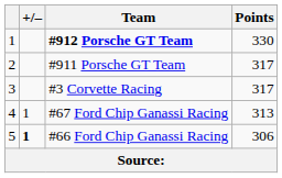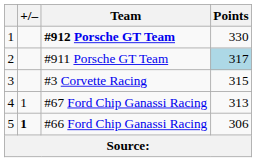 <table class="wikitable" style="font-size: 95%;">
 <tr>
 <th scope="col"></th>
 <th scope="col">+/–</th>
 <th scope="col">Team</th>
 <th scope="col">Points</th>
 </tr>
 <tr>
 <td align=center>1</td>
 <td align="left"></td>
 <td><strong> #912 <a href='#'>Porsche GT Team</a></strong></td>
 <td align=right>330</td>
 </tr>
 <tr>
 <td align=center>2</td>
 <td align="left"></td>
 <td> #911 <a href='#'>Porsche GT Team</a></td>
-<td align=right>317</td>
+<td align=right style="background: lightblue;">317</td>
 </tr>
 <tr>
 <td align=center>3</td>
 <td align="left"></td>
 <td> #3 <a href='#'>Corvette Racing</a></td>
-<td align=right>317</td>
+<td align=right>315</td>
 </tr>
 <tr>
 <td align=center>4</td>
 <td align="left"> 1</td>
 <td> #67 <a href='#'>Ford Chip Ganassi Racing</a></td>
 <td align=right>313</td>
 </tr>
 <tr>
 <td align=center>5</td>
 <td align="left"><strong> 1</strong></td>
 <td> #66 <a href='#'>Ford Chip Ganassi Racing</a></td>
 <td align=right>306</td>
 </tr>
 <tr>
 <th colspan=5>Source:</th>
 </tr>
 </table>
